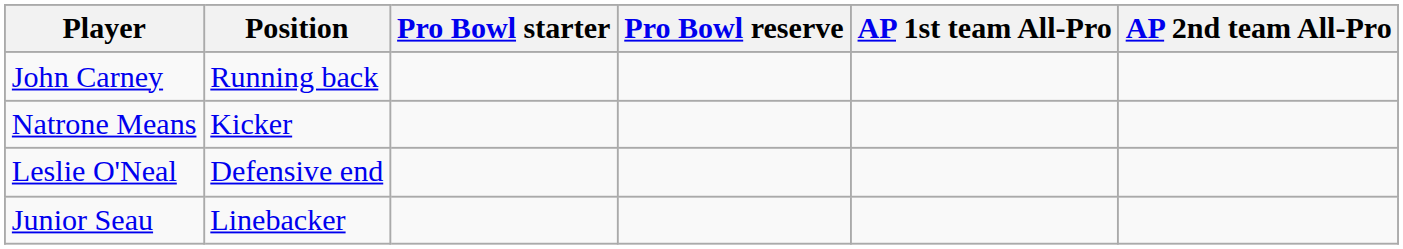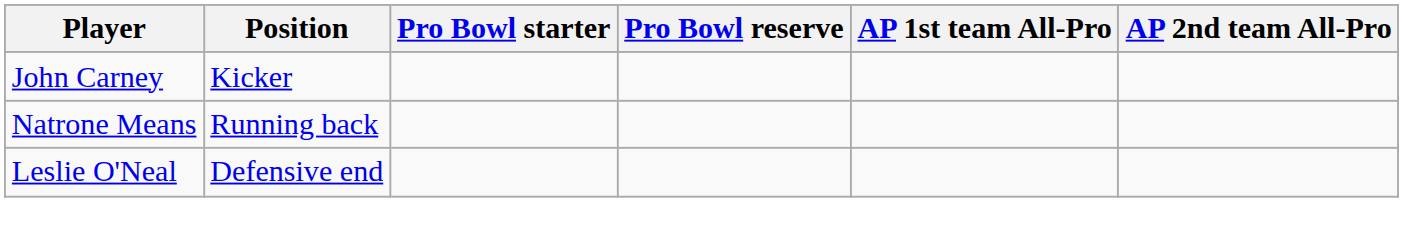 <table class="wikitable">
 <tr>
 <th>Player</th>
 <th>Position</th>
 <th><a href='#'>Pro Bowl</a> starter</th>
 <th><a href='#'>Pro Bowl</a> reserve</th>
 <th><a href='#'>AP</a> 1st team All-Pro</th>
 <th><a href='#'>AP</a> 2nd team All-Pro</th>
 </tr>
 <tr>
 <td><a href='#'>John Carney</a></td>
-<td><a href='#'>Running back</a></td>
+<td><a href='#'>Kicker</a></td>
 <td></td>
 <td></td>
 <td></td>
 <td></td>
 </tr>
 <tr>
 <td><a href='#'>Natrone Means</a></td>
-<td><a href='#'>Kicker</a></td>
+<td><a href='#'>Running back</a></td>
 <td></td>
 <td></td>
 <td></td>
 <td></td>
 </tr>
 <tr>
 <td><a href='#'>Leslie O'Neal</a></td>
 <td><a href='#'>Defensive end</a></td>
 <td></td>
 <td></td>
 <td></td>
 <td></td>
 </tr>
-<tr>
-<td><a href='#'>Junior Seau</a></td>
-<td><a href='#'>Linebacker</a></td>
-<td></td>
-<td></td>
-<td></td>
-<td></td>
-</tr>
 </table>
